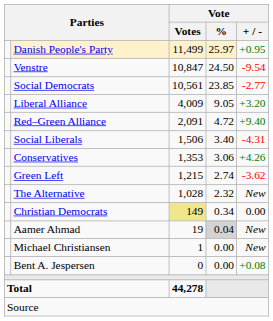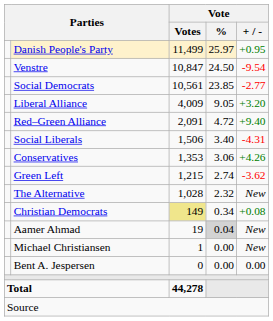 <table class="wikitable" style="text-align:right;">
 <tr>
 <th style="text-align:centre;" rowspan="2" colspan="2" width="225">Parties</th>
 <th colspan="3">Vote</th>
 </tr>
 <tr>
 <th width="15">Votes</th>
 <th width="15">%</th>
 <th width="15">+ / -</th>
 </tr>
 <tr>
 <td width="2" style="color:inherit;background:"></td>
 <td bgcolor=#fef2cc  align="left"><a href='#'>Danish People's Party</a></td>
 <td bgcolor=#fef2cc>11,499</td>
 <td bgcolor=#fef2cc>25.97</td>
 <td style=color:green;>+0.95</td>
 </tr>
 <tr>
 <td width="2" style="color:inherit;background:"></td>
 <td align="left"><a href='#'>Venstre</a></td>
 <td>10,847</td>
 <td>24.50</td>
 <td style=color:red;>-9.54</td>
 </tr>
 <tr>
 <td width="2" style="color:inherit;background:"></td>
 <td align="left"><a href='#'>Social Democrats</a></td>
 <td>10,561</td>
 <td>23.85</td>
 <td style=color:red;>-2.77</td>
 </tr>
 <tr>
 <td width="2" style="color:inherit;background:"></td>
 <td align="left"><a href='#'>Liberal Alliance</a></td>
 <td>4,009</td>
 <td>9.05</td>
 <td style=color:green;>+3.20</td>
 </tr>
 <tr>
 <td width="2" style="color:inherit;background:"></td>
 <td align="left"><a href='#'>Red–Green Alliance</a></td>
 <td>2,091</td>
 <td>4.72</td>
 <td style=color:green;>+9.40</td>
 </tr>
 <tr>
 <td width="2" style="color:inherit;background:"></td>
 <td align="left"><a href='#'>Social Liberals</a></td>
 <td>1,506</td>
 <td>3.40</td>
 <td style=color:red;>-4.31</td>
 </tr>
 <tr>
 <td width="2" style="color:inherit;background:"></td>
 <td align="left"><a href='#'>Conservatives</a></td>
 <td>1,353</td>
 <td>3.06</td>
 <td style=color:green;>+4.26</td>
 </tr>
 <tr>
 <td width="2" style="color:inherit;background:"></td>
 <td align="left"><a href='#'>Green Left</a></td>
 <td>1,215</td>
 <td>2.74</td>
 <td style=color:red;>-3.62</td>
 </tr>
 <tr>
 <td width="2" style="color:inherit;background:"></td>
 <td align="left"><a href='#'>The Alternative</a></td>
 <td>1,028</td>
 <td>2.32</td>
 <td><em>New</em></td>
 </tr>
 <tr>
 <td width="2" style="color:inherit;background:"></td>
 <td align="left"><a href='#'>Christian Democrats</a></td>
 <td style="background: khaki;">149</td>
 <td>0.34</td>
-<td>0.00</td>
+<td style=color:green;>+0.08</td>
 </tr>
 <tr>
 <td width="2" style="color:inherit;background:"></td>
 <td align="left">Aamer Ahmad</td>
 <td>19</td>
 <td style="background: lightgrey;">0.04</td>
 <td><em>New</em></td>
 </tr>
 <tr>
 <td width="2" style="color:inherit;background:"></td>
 <td align="left">Michael Christiansen</td>
 <td>1</td>
 <td>0.00</td>
 <td><em>New</em></td>
 </tr>
 <tr>
 <td width="2" style="color:inherit;background:"></td>
 <td align="left">Bent A. Jespersen</td>
 <td>0</td>
 <td>0.00</td>
-<td style=color:green;>+0.08</td>
+<td>0.00</td>
 </tr>
 <tr>
 <td colspan="7" bgcolor="#E9E9E9"></td>
 </tr>
 <tr>
 <td align="left" colspan="2"><strong>Total</strong></td>
 <td><strong>44,278</strong></td>
 <td bgcolor="#E9E9E9" colspan="2"></td>
 </tr>
 <tr>
 <td align="left" colspan="6">Source</td>
 </tr>
 </table>
